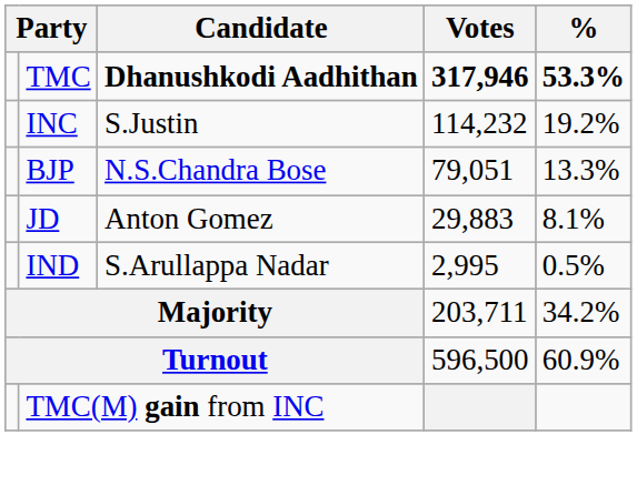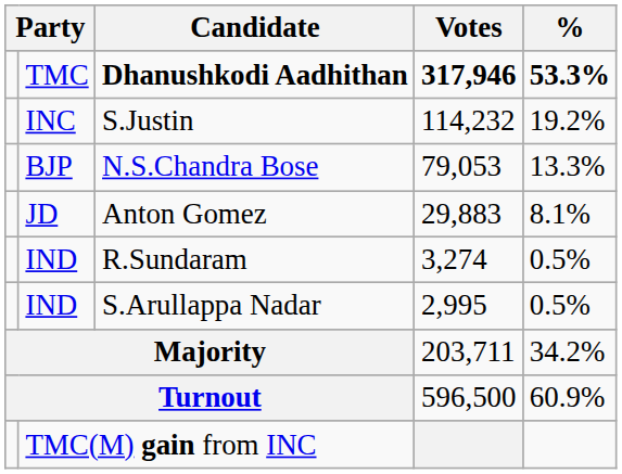 <table class="wikitable">
 <tr>
 <th colspan="2">Party</th>
 <th>Candidate</th>
 <th>Votes</th>
 <th>%</th>
 </tr>
 <tr>
 <td></td>
 <td><a href='#'>TMC</a></td>
 <td><strong>Dhanushkodi Aadhithan</strong></td>
 <td><strong>317,946</strong></td>
 <td><strong>53.3%</strong></td>
 </tr>
 <tr>
 <td></td>
 <td><a href='#'>INC</a></td>
 <td>S.Justin</td>
 <td>114,232</td>
 <td>19.2%</td>
 </tr>
 <tr>
 <td></td>
 <td><a href='#'>BJP</a></td>
 <td><a href='#'>N.S.Chandra Bose</a></td>
-<td>79,051</td>
+<td>79,053</td>
 <td>13.3%</td>
 </tr>
 <tr>
 <td></td>
 <td><a href='#'>JD</a></td>
 <td>Anton Gomez</td>
 <td>29,883</td>
 <td>8.1%</td>
+</tr>
+<tr>
+<td></td>
+<td><a href='#'>IND</a></td>
+<td>R.Sundaram</td>
+<td>3,274</td>
+<td>0.5%</td>
 </tr>
 <tr>
 <td></td>
 <td><a href='#'>IND</a></td>
 <td>S.Arullappa Nadar</td>
 <td>2,995</td>
 <td>0.5%</td>
 </tr>
 <tr>
 <th colspan="3">Majority</th>
 <td>203,711</td>
 <td>34.2%</td>
 </tr>
 <tr>
 <th colspan="3"><a href='#'>Turnout</a></th>
 <td>596,500</td>
 <td>60.9%</td>
 </tr>
 <tr>
 <td></td>
 <td colspan="2"><a href='#'>TMC(M)</a> <strong>gain</strong> from <a href='#'>INC</a></td>
 <th></th>
 <td></td>
 </tr>
 </table>
